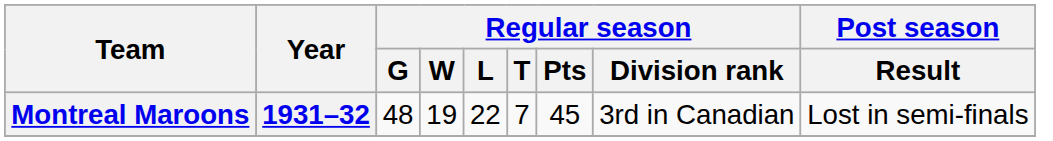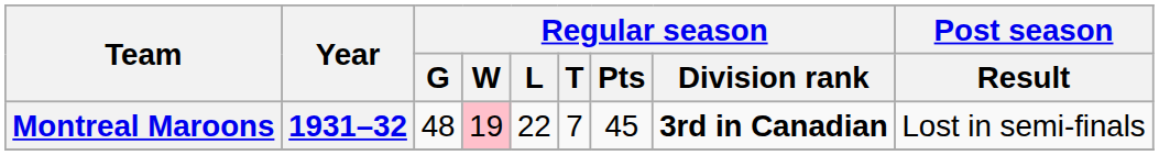 <table class="wikitable" style="font-size: 95%; text-align:center;">
 <tr>
 <th rowspan="2">Team</th>
 <th rowspan="2">Year</th>
 <th colspan="6"><a href='#'>Regular season</a></th>
 <th colspan="1"><a href='#'>Post season</a></th>
 </tr>
 <tr>
 <th>G</th>
 <th>W</th>
 <th>L</th>
 <th>T</th>
 <th>Pts</th>
 <th>Division rank</th>
 <th>Result</th>
 </tr>
 <tr>
 <th><a href='#'>Montreal Maroons</a></th>
 <th><a href='#'>1931–32</a></th>
 <td>48</td>
-<td>19</td>
+<td style="background: pink;">19</td>
 <td>22</td>
 <td>7</td>
 <td>45</td>
-<td>3rd in Canadian</td>
+<td><strong>3rd in Canadian</strong></td>
 <td>Lost in semi-finals</td>
 </tr>
 <tr>
 </tr>
 </table>
